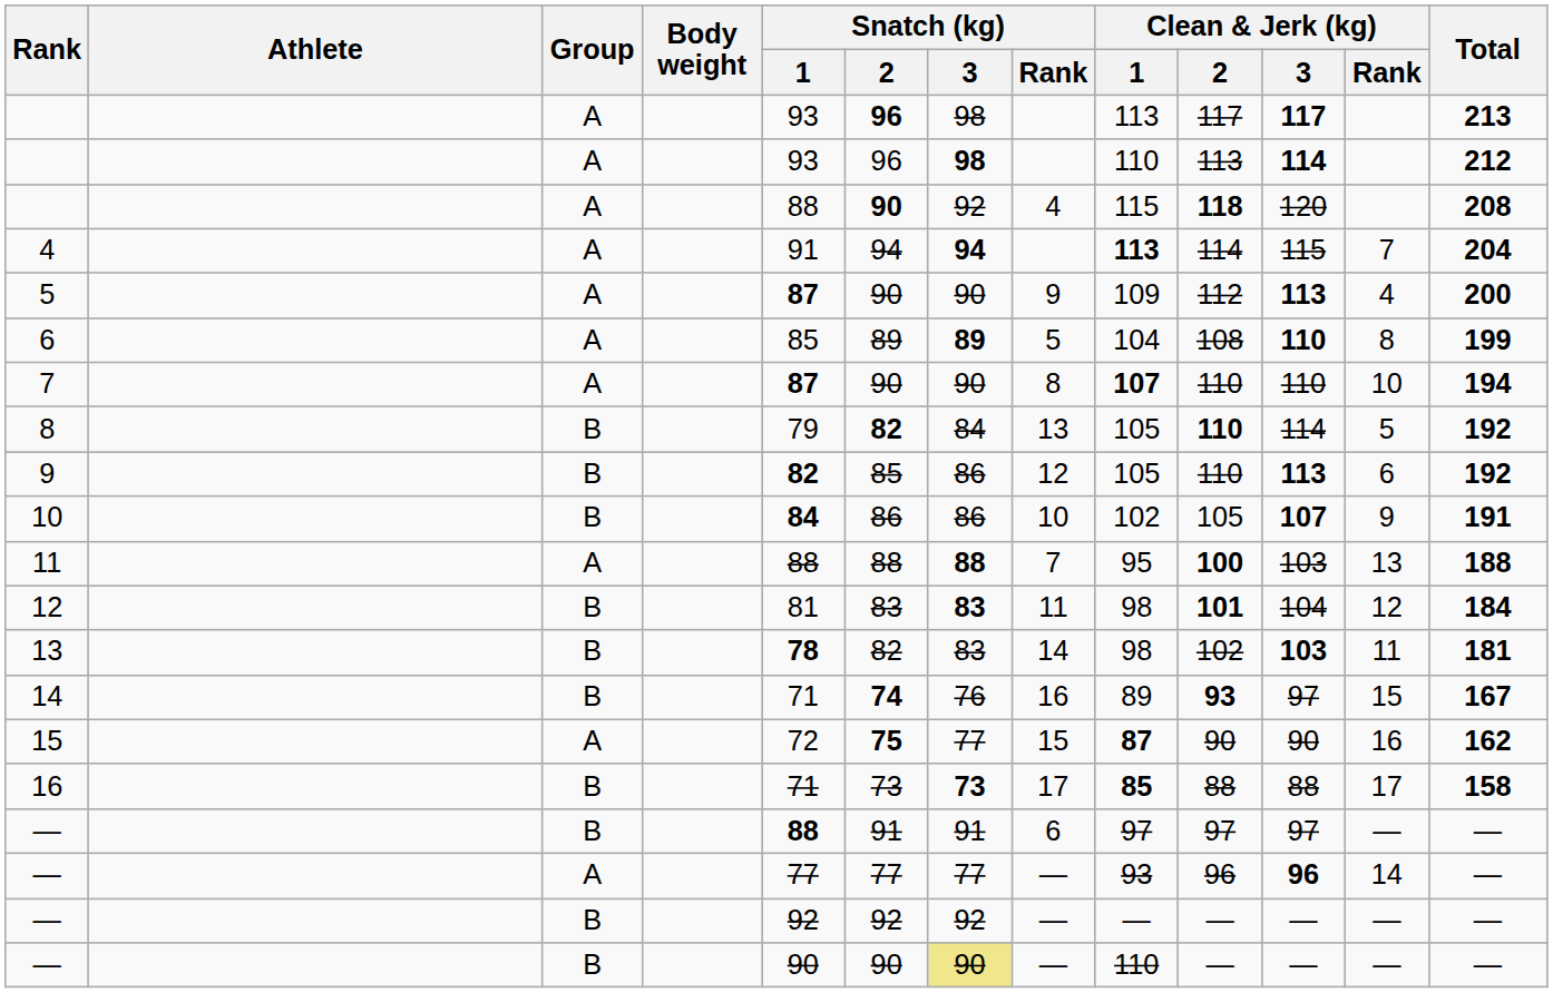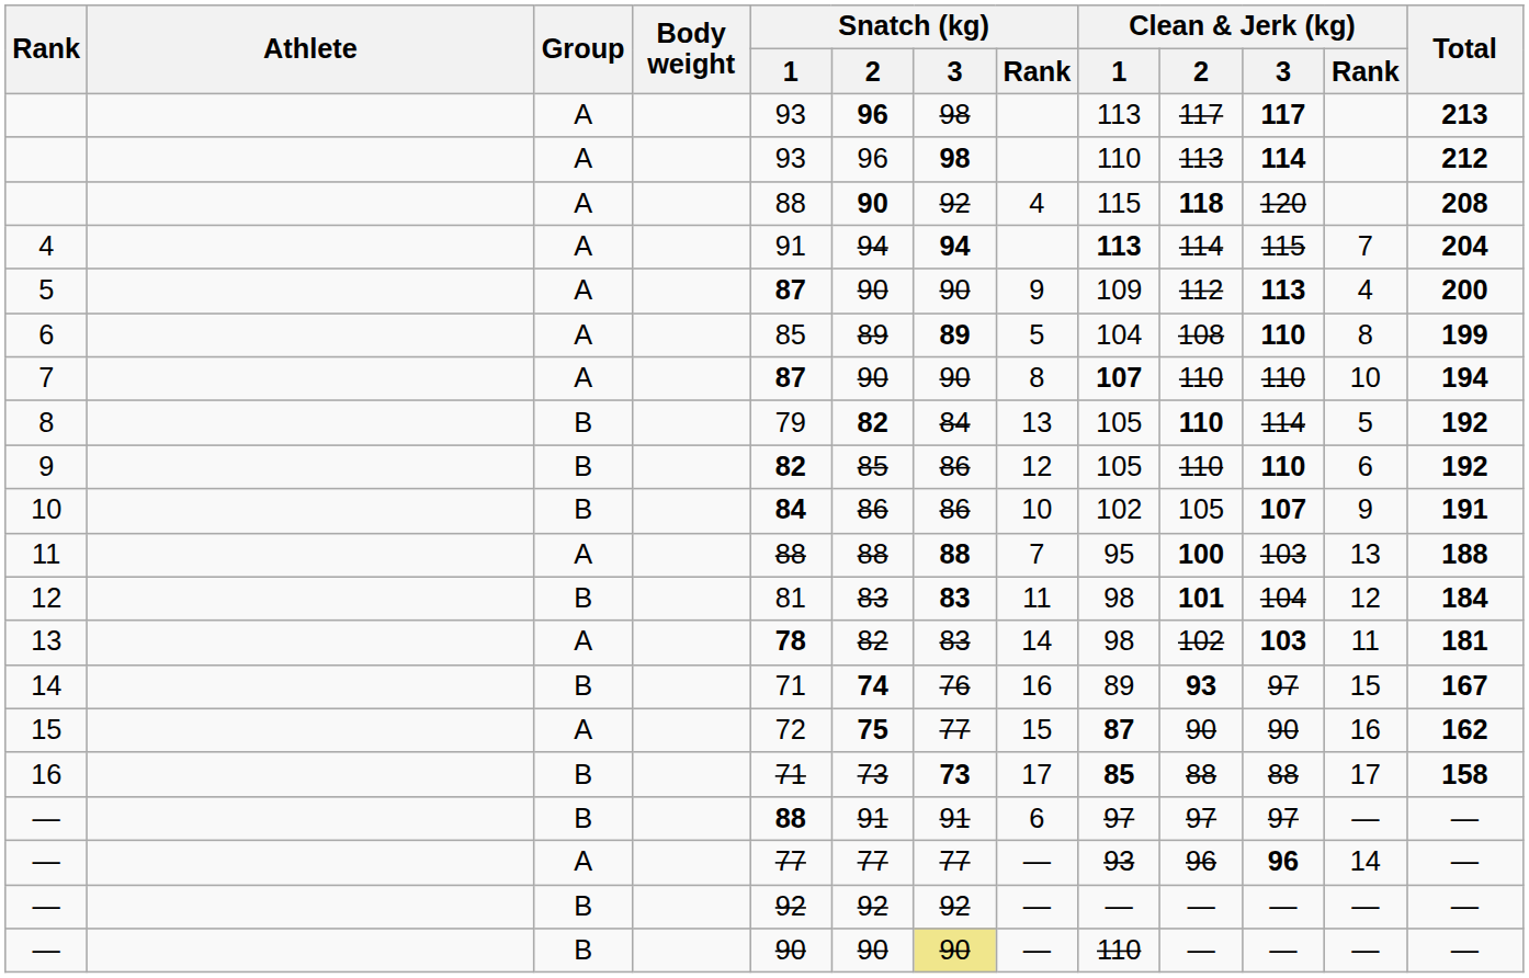 <table class = "wikitable" style="text-align:center;">
 <tr>
 <th rowspan=2 width=40>Rank</th>
 <th rowspan=2 width=250>Athlete</th>
 <th rowspan=2 width=50>Group</th>
 <th rowspan=2 width=60>Body weight</th>
 <th colspan=4>Snatch (kg)</th>
 <th colspan=4>Clean & Jerk (kg)</th>
 <th rowspan=2 width=60>Total</th>
 </tr>
 <tr>
 <th width=40>1</th>
 <th width=40>2</th>
 <th width=40>3</th>
 <th width=40>Rank</th>
 <th width=40>1</th>
 <th width=40>2</th>
 <th width=40>3</th>
 <th width=40>Rank</th>
 </tr>
 <tr>
 <td></td>
 <td align=left></td>
 <td>A</td>
 <td></td>
 <td>93</td>
 <td><strong>96</strong></td>
 <td><s>98</s></td>
 <td></td>
 <td>113</td>
 <td><s>117</s></td>
 <td><strong>117</strong></td>
 <td></td>
 <td><strong>213</strong></td>
 </tr>
 <tr>
 <td></td>
 <td align=left></td>
 <td>A</td>
 <td></td>
 <td>93</td>
 <td>96</td>
 <td><strong>98</strong></td>
 <td></td>
 <td>110</td>
 <td><s>113</s></td>
 <td><strong>114</strong></td>
 <td></td>
 <td><strong>212</strong></td>
 </tr>
 <tr>
 <td></td>
 <td align=left></td>
 <td>A</td>
 <td></td>
 <td>88</td>
 <td><strong>90</strong></td>
 <td><s>92</s></td>
 <td>4</td>
 <td>115</td>
 <td><strong>118</strong></td>
 <td><s>120</s></td>
 <td></td>
 <td><strong>208</strong></td>
 </tr>
 <tr>
 <td>4</td>
 <td align=left></td>
 <td>A</td>
 <td></td>
 <td>91</td>
 <td><s>94</s></td>
 <td><strong>94</strong></td>
 <td></td>
 <td><strong>113</strong></td>
 <td><s>114</s></td>
 <td><s>115</s></td>
 <td>7</td>
 <td><strong>204</strong></td>
 </tr>
 <tr>
 <td>5</td>
 <td align=left></td>
 <td>A</td>
 <td></td>
 <td><strong>87</strong></td>
 <td><s>90</s></td>
 <td><s>90</s></td>
 <td>9</td>
 <td>109</td>
 <td><s>112</s></td>
 <td><strong>113</strong></td>
 <td>4</td>
 <td><strong>200</strong></td>
 </tr>
 <tr>
 <td>6</td>
 <td align=left></td>
 <td>A</td>
 <td></td>
 <td>85</td>
 <td><s>89</s></td>
 <td><strong>89</strong></td>
 <td>5</td>
 <td>104</td>
 <td><s>108</s></td>
 <td><strong>110</strong></td>
 <td>8</td>
 <td><strong>199</strong></td>
 </tr>
 <tr>
 <td>7</td>
 <td align=left></td>
 <td>A</td>
 <td></td>
 <td><strong>87</strong></td>
 <td><s>90</s></td>
 <td><s>90</s></td>
 <td>8</td>
 <td><strong>107</strong></td>
 <td><s>110</s></td>
 <td><s>110</s></td>
 <td>10</td>
 <td><strong>194</strong></td>
 </tr>
 <tr>
 <td>8</td>
 <td align=left></td>
 <td>B</td>
 <td></td>
 <td>79</td>
 <td><strong>82</strong></td>
 <td><s>84</s></td>
 <td>13</td>
 <td>105</td>
 <td><strong>110</strong></td>
 <td><s>114</s></td>
 <td>5</td>
 <td><strong>192</strong></td>
 </tr>
 <tr>
 <td>9</td>
 <td align=left></td>
 <td>B</td>
 <td></td>
 <td><strong>82</strong></td>
 <td><s>85</s></td>
 <td><s>86</s></td>
 <td>12</td>
 <td>105</td>
 <td><s>110</s></td>
-<td><strong>113</strong></td>
+<td><strong>110</strong></td>
 <td>6</td>
 <td><strong>192</strong></td>
 </tr>
 <tr>
 <td>10</td>
 <td align=left></td>
 <td>B</td>
 <td></td>
 <td><strong>84</strong></td>
 <td><s>86</s></td>
 <td><s>86</s></td>
 <td>10</td>
 <td>102</td>
 <td>105</td>
 <td><strong>107</strong></td>
 <td>9</td>
 <td><strong>191</strong></td>
 </tr>
 <tr>
 <td>11</td>
 <td align=left></td>
 <td>A</td>
 <td></td>
 <td><s>88</s></td>
 <td><s>88</s></td>
 <td><strong>88</strong></td>
 <td>7</td>
 <td>95</td>
 <td><strong>100</strong></td>
 <td><s>103</s></td>
 <td>13</td>
 <td><strong>188</strong></td>
 </tr>
 <tr>
 <td>12</td>
 <td align=left></td>
 <td>B</td>
 <td></td>
 <td>81</td>
 <td><s>83</s></td>
 <td><strong>83</strong></td>
 <td>11</td>
 <td>98</td>
 <td><strong>101</strong></td>
 <td><s>104</s></td>
 <td>12</td>
 <td><strong>184</strong></td>
 </tr>
 <tr>
 <td>13</td>
 <td align=left></td>
-<td>B</td>
+<td>A</td>
 <td></td>
 <td><strong>78</strong></td>
 <td><s>82</s></td>
 <td><s>83</s></td>
 <td>14</td>
 <td>98</td>
 <td><s>102</s></td>
 <td><strong>103</strong></td>
 <td>11</td>
 <td><strong>181</strong></td>
 </tr>
 <tr>
 <td>14</td>
 <td align=left></td>
 <td>B</td>
 <td></td>
 <td>71</td>
 <td><strong>74</strong></td>
 <td><s>76</s></td>
 <td>16</td>
 <td>89</td>
 <td><strong>93</strong></td>
 <td><s>97</s></td>
 <td>15</td>
 <td><strong>167</strong></td>
 </tr>
 <tr>
 <td>15</td>
 <td align=left></td>
 <td>A</td>
 <td></td>
 <td>72</td>
 <td><strong>75</strong></td>
 <td><s>77</s></td>
 <td>15</td>
 <td><strong>87</strong></td>
 <td><s>90</s></td>
 <td><s>90</s></td>
 <td>16</td>
 <td><strong>162</strong></td>
 </tr>
 <tr>
 <td>16</td>
 <td align=left></td>
 <td>B</td>
 <td></td>
 <td><s>71</s></td>
 <td><s>73</s></td>
 <td><strong>73</strong></td>
 <td>17</td>
 <td><strong>85</strong></td>
 <td><s>88</s></td>
 <td><s>88</s></td>
 <td>17</td>
 <td><strong>158</strong></td>
 </tr>
 <tr>
 <td>—</td>
 <td align=left></td>
 <td>B</td>
 <td></td>
 <td><strong>88</strong></td>
 <td><s>91</s></td>
 <td><s>91</s></td>
 <td>6</td>
 <td><s>97</s></td>
 <td><s>97</s></td>
 <td><s>97</s></td>
 <td>—</td>
 <td>—</td>
 </tr>
 <tr>
 <td>—</td>
 <td align=left></td>
 <td>A</td>
 <td></td>
 <td><s>77</s></td>
 <td><s>77</s></td>
 <td><s>77</s></td>
 <td>—</td>
 <td><s>93</s></td>
 <td><s>96</s></td>
 <td><strong>96</strong></td>
 <td>14</td>
 <td>—</td>
 </tr>
 <tr>
 <td>—</td>
 <td align=left></td>
 <td>B</td>
 <td></td>
 <td><s>92</s></td>
 <td><s>92</s></td>
 <td><s>92</s></td>
 <td>—</td>
 <td>—</td>
 <td>—</td>
 <td>—</td>
 <td>—</td>
 <td>—</td>
 </tr>
 <tr>
 <td>—</td>
 <td align=left></td>
 <td>B</td>
 <td></td>
 <td><s>90</s></td>
 <td><s>90</s></td>
 <td style="background: khaki;"><s>90</s></td>
 <td>—</td>
 <td><s>110</s></td>
 <td>—</td>
 <td>—</td>
 <td>—</td>
 <td>—</td>
 </tr>
 </table>
